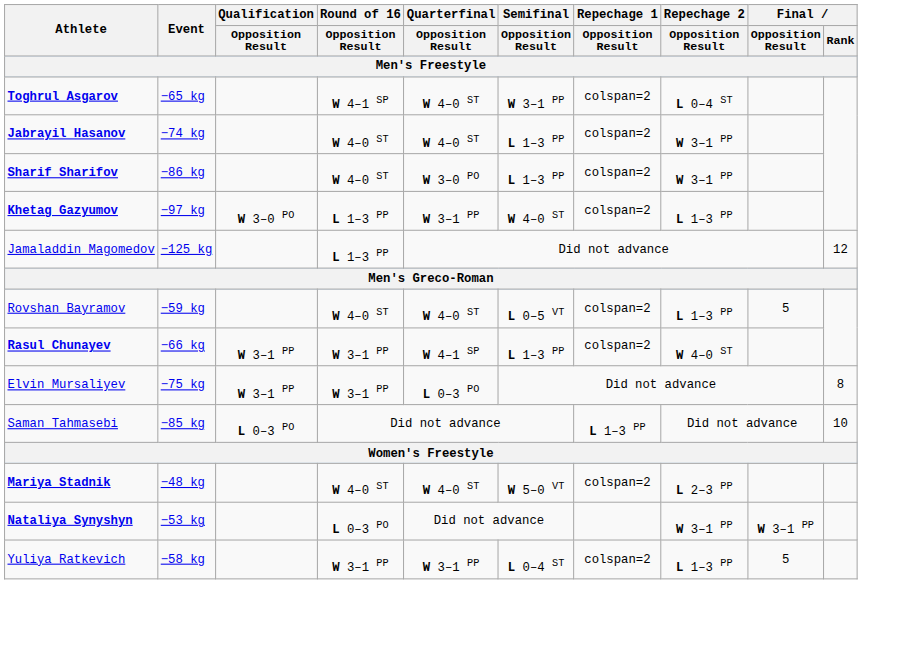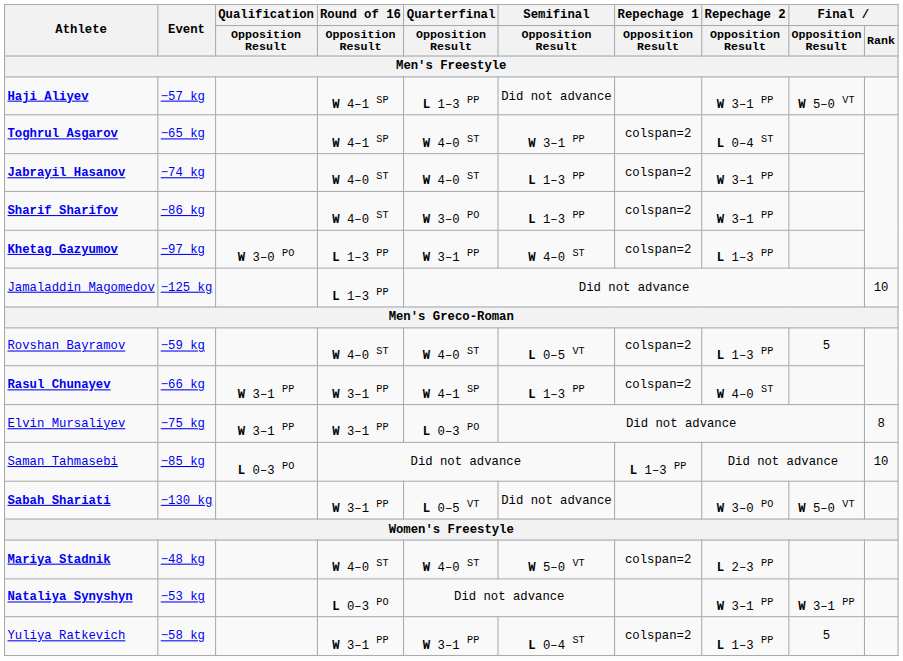 <table class="wikitable" style="font-size:90%">
 <tr>
 <th rowspan=2>Athlete</th>
 <th rowspan=2>Event</th>
 <th>Qualification</th>
 <th>Round of 16</th>
 <th>Quarterfinal</th>
 <th>Semifinal</th>
 <th>Repechage 1</th>
 <th>Repechage 2</th>
 <th colspan=2>Final / </th>
 </tr>
 <tr style="font-size: 95%">
 <th>Opposition<br>Result</th>
 <th>Opposition<br>Result</th>
 <th>Opposition<br>Result</th>
 <th>Opposition<br>Result</th>
 <th>Opposition<br>Result</th>
 <th>Opposition<br>Result</th>
 <th>Opposition<br>Result</th>
 <th>Rank</th>
 </tr>
 <tr style="background:#9acdff;">
 <th colspan=10>Men's Freestyle</th>
+</tr>
+<tr align=center>
+<td align=left><strong><a href='#'>Haji Aliyev</a></strong></td>
+<td align=left><a href='#'>−57 kg</a></td>
+<td></td>
+<td><br><strong>W</strong> 4–1 <sup>SP</sup></td>
+<td><br><strong>L</strong> 1–3 <sup>PP</sup></td>
+<td>Did not advance</td>
+<td></td>
+<td><br><strong>W</strong> 3–1 <sup>PP</sup></td>
+<td><br><strong>W</strong> 5–0 <sup>VT</sup></td>
+<td></td>
 </tr>
 <tr align=center>
 <td align=left><strong><a href='#'>Toghrul Asgarov</a></strong></td>
 <td align=left><a href='#'>−65 kg</a></td>
 <td></td>
 <td><br><strong>W</strong> 4–1 <sup>SP</sup></td>
 <td><br><strong>W</strong> 4–0 <sup>ST</sup></td>
 <td><br><strong>W</strong> 3–1 <sup>PP</sup></td>
 <td>colspan=2 </td>
 <td><br><strong>L</strong> 0–4 <sup>ST</sup></td>
 <td></td>
 </tr>
 <tr align=center>
 <td align=left><strong><a href='#'>Jabrayil Hasanov</a></strong></td>
 <td align=left><a href='#'>−74 kg</a></td>
 <td></td>
 <td><br><strong>W</strong> 4–0 <sup>ST</sup></td>
 <td><br><strong>W</strong> 4–0 <sup>ST</sup></td>
 <td><br><strong>L</strong> 1–3 <sup>PP</sup></td>
 <td>colspan=2 </td>
 <td><br><strong>W</strong> 3–1 <sup>PP</sup></td>
 <td></td>
 </tr>
 <tr align=center>
 <td align=left><strong><a href='#'>Sharif Sharifov</a></strong></td>
 <td align=left><a href='#'>−86 kg</a></td>
 <td></td>
 <td><br><strong>W</strong> 4–0 <sup>ST</sup></td>
 <td><br><strong>W</strong> 3–0 <sup>PO</sup></td>
 <td><br><strong>L</strong> 1–3 <sup>PP</sup></td>
 <td>colspan=2 </td>
 <td><br><strong>W</strong> 3–1 <sup>PP</sup></td>
 <td></td>
 </tr>
 <tr align=center>
 <td align=left><strong><a href='#'>Khetag Gazyumov</a></strong></td>
 <td align=left><a href='#'>−97 kg</a></td>
 <td><br><strong>W</strong> 3–0 <sup>PO</sup></td>
 <td><br><strong>L</strong> 1–3 <sup>PP</sup></td>
 <td><br><strong>W</strong> 3–1 <sup>PP</sup></td>
 <td><br><strong>W</strong> 4–0 <sup>ST</sup></td>
 <td>colspan=2 </td>
 <td><br><strong>L</strong> 1–3 <sup>PP</sup></td>
 <td></td>
 </tr>
 <tr align=center>
 <td align=left><a href='#'>Jamaladdin Magomedov</a></td>
 <td align=left><a href='#'>−125 kg</a></td>
 <td></td>
 <td><br><strong>L</strong> 1–3 <sup>PP</sup></td>
 <td colspan=5>Did not advance</td>
-<td>12</td>
+<td>10</td>
 </tr>
 <tr style="background:#9acdff;">
 <th colspan=10>Men's Greco-Roman</th>
 </tr>
 <tr align=center>
 <td align=left><a href='#'>Rovshan Bayramov</a></td>
 <td align=left><a href='#'>−59 kg</a></td>
 <td></td>
 <td><br><strong>W</strong> 4–0 <sup>ST</sup></td>
 <td><br><strong>W</strong> 4–0 <sup>ST</sup></td>
 <td><br><strong>L</strong> 0–5 <sup>VT</sup></td>
 <td>colspan=2 </td>
 <td><br><strong>L</strong> 1–3 <sup>PP</sup></td>
 <td>5</td>
 </tr>
 <tr align=center>
 <td align=left><strong><a href='#'>Rasul Chunayev</a></strong></td>
 <td align=left><a href='#'>−66 kg</a></td>
 <td><br><strong>W</strong> 3–1 <sup>PP</sup></td>
 <td><br><strong>W</strong> 3–1 <sup>PP</sup></td>
 <td><br><strong>W</strong> 4–1 <sup>SP</sup></td>
 <td><br><strong>L</strong> 1–3 <sup>PP</sup></td>
 <td>colspan=2 </td>
 <td><br><strong>W</strong> 4–0 <sup>ST</sup></td>
 <td></td>
 </tr>
 <tr align=center>
 <td align=left><a href='#'>Elvin Mursaliyev</a></td>
 <td align=left><a href='#'>−75 kg</a></td>
 <td><br><strong>W</strong> 3–1 <sup>PP</sup></td>
 <td><br><strong>W</strong> 3–1 <sup>PP</sup></td>
 <td><br><strong>L</strong> 0–3 <sup>PO</sup></td>
 <td colspan=4>Did not advance</td>
 <td>8</td>
 </tr>
 <tr align=center>
 <td align=left><a href='#'>Saman Tahmasebi</a></td>
 <td align=left><a href='#'>−85 kg</a></td>
 <td><br><strong>L</strong> 0–3 <sup>PO</sup></td>
 <td colspan=3>Did not advance</td>
 <td><br><strong>L</strong> 1–3 <sup>PP</sup></td>
 <td colspan=2>Did not advance</td>
 <td>10</td>
 </tr>
+<tr align=center>
+<td align=left><strong><a href='#'>Sabah Shariati</a></strong></td>
+<td align=left><a href='#'>−130 kg</a></td>
+<td></td>
+<td><br><strong>W</strong> 3–1 <sup>PP</sup></td>
+<td><br><strong>L</strong> 0–5 <sup>VT</sup></td>
+<td>Did not advance</td>
+<td></td>
+<td><br><strong>W</strong> 3–0 <sup>PO</sup></td>
+<td><br><strong>W</strong> 5–0 <sup>VT</sup></td>
+<td></td>
+</tr>
 <tr style="background:#9acdff;">
 <th colspan=10>Women's Freestyle</th>
 </tr>
 <tr align=center>
 <td align=left><strong><a href='#'>Mariya Stadnik</a></strong></td>
 <td align=left><a href='#'>−48 kg</a></td>
 <td></td>
 <td><br><strong>W</strong> 4–0 <sup>ST</sup></td>
 <td><br><strong>W</strong> 4–0 <sup>ST</sup></td>
 <td><br><strong>W</strong> 5–0 <sup>VT</sup></td>
 <td>colspan=2 </td>
 <td><br><strong>L</strong> 2–3 <sup>PP</sup></td>
 <td></td>
 </tr>
 <tr align=center>
 <td align=left><strong><a href='#'>Nataliya Synyshyn</a></strong></td>
 <td align=left><a href='#'>−53 kg</a></td>
 <td></td>
 <td><br><strong>L</strong> 0–3 <sup>PO</sup></td>
 <td colspan=2>Did not advance</td>
 <td></td>
 <td><br><strong>W</strong> 3–1 <sup>PP</sup></td>
 <td><br><strong>W</strong> 3–1 <sup>PP</sup></td>
 <td></td>
 </tr>
 <tr align=center>
 <td align=left><a href='#'>Yuliya Ratkevich</a></td>
 <td align=left><a href='#'>−58 kg</a></td>
 <td></td>
 <td><br><strong>W</strong> 3–1 <sup>PP</sup></td>
 <td><br><strong>W</strong> 3–1 <sup>PP</sup></td>
 <td><br><strong>L</strong> 0–4 <sup>ST</sup></td>
 <td>colspan=2 </td>
 <td><br><strong>L</strong> 1–3 <sup>PP</sup></td>
 <td>5</td>
 </tr>
 </table>
